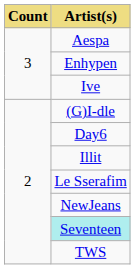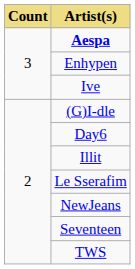 <table class="wikitable" style="text-align:center">
 <tr>
 <th scope="col" style="background-color:#EEDD82">Count</th>
 <th scope="col" style="background-color:#EEDD82">Artist(s)</th>
 </tr>
 <tr>
 <td rowspan="3">3</td>
-<td><a href='#'>Aespa</a></td>
+<td><strong><a href='#'>Aespa</a></strong></td>
 </tr>
 <tr>
 <td><a href='#'>Enhypen</a></td>
 </tr>
 <tr>
 <td><a href='#'>Ive</a></td>
 </tr>
 <tr>
 <td rowspan="7">2</td>
 <td><a href='#'>(G)I-dle</a></td>
 </tr>
 <tr>
 <td><a href='#'>Day6</a></td>
 </tr>
 <tr>
 <td><a href='#'>Illit</a></td>
 </tr>
 <tr>
 <td><a href='#'>Le Sserafim</a></td>
 </tr>
 <tr>
 <td><a href='#'>NewJeans</a></td>
 </tr>
 <tr>
-<td style="background: paleturquoise;"><a href='#'>Seventeen</a></td>
+<td><a href='#'>Seventeen</a></td>
 </tr>
 <tr>
 <td><a href='#'>TWS</a></td>
 </tr>
 </table>
